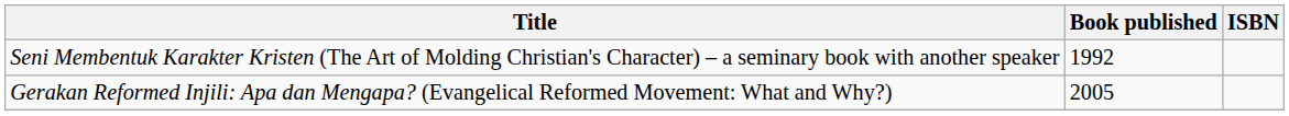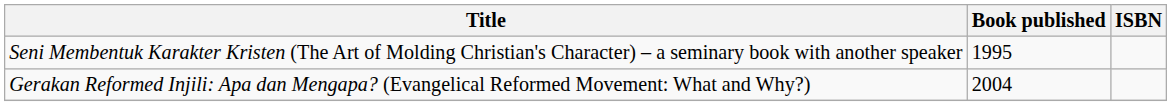 <table class="wikitable sortable">
 <tr>
 <th>Title</th>
 <th>Book published</th>
 <th>ISBN</th>
 </tr>
 <tr>
 <td><em>Seni Membentuk Karakter Kristen</em> (The Art of Molding Christian's Character) – a seminary book with another speaker</td>
-<td>1992</td>
+<td>1995</td>
 <td></td>
 </tr>
 <tr>
 <td><em>Gerakan Reformed Injili: Apa dan Mengapa?</em> (Evangelical Reformed Movement: What and Why?)</td>
-<td>2005</td>
+<td>2004</td>
 <td></td>
 </tr>
 <tr>
 </tr>
 </table>
